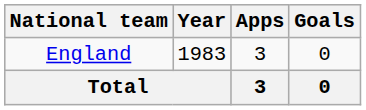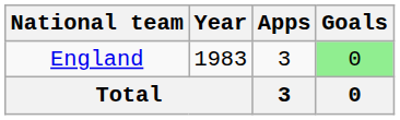 <table class=wikitable style="text-align: center">
 <tr>
 <th>National team</th>
 <th>Year</th>
 <th>Apps</th>
 <th>Goals</th>
 </tr>
 <tr>
 <td><a href='#'>England</a></td>
 <td>1983</td>
 <td>3</td>
-<td>0</td>
+<td style="background: lightgreen;">0</td>
 </tr>
 <tr>
 <th colspan=2>Total</th>
 <th>3</th>
 <th>0</th>
 </tr>
 </table>
